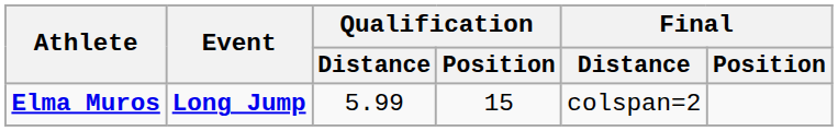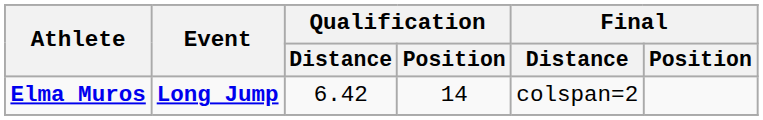 <table class=wikitable style=font-size:90%>
 <tr>
 <th rowspan=2>Athlete</th>
 <th rowspan=2>Event</th>
 <th colspan=2>Qualification</th>
 <th colspan=2>Final</th>
 </tr>
 <tr style=font-size:95%>
 <th>Distance</th>
 <th>Position</th>
 <th>Distance</th>
 <th>Position</th>
 </tr>
 <tr align=center>
 <td align=left><strong><a href='#'>Elma Muros</a></strong></td>
 <td align=left><strong><a href='#'>Long Jump</a></strong></td>
-<td>5.99</td>
-<td>15</td>
+<td>6.42</td>
+<td>14</td>
 <td>colspan=2 </td>
 </tr>
 </table>
